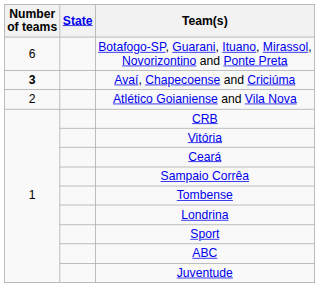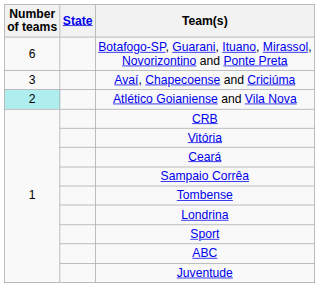 <table class="wikitable" style="text-align:center">
 <tr>
 <th>Number<br>of teams</th>
 <th><a href='#'>State</a></th>
 <th>Team(s)</th>
 </tr>
 <tr>
 <td>6</td>
 <td align=left></td>
 <td><a href='#'>Botafogo-SP</a>, <a href='#'>Guarani</a>, <a href='#'>Ituano</a>, <a href='#'>Mirassol</a>,<br><a href='#'>Novorizontino</a> and <a href='#'>Ponte Preta</a></td>
 </tr>
 <tr>
-<td><strong>3</strong></td>
+<td>3</td>
 <td align=left></td>
 <td><a href='#'>Avaí</a>, <a href='#'>Chapecoense</a> and <a href='#'>Criciúma</a></td>
 </tr>
 <tr>
-<td>2</td>
+<td style="background: paleturquoise;">2</td>
 <td align=left></td>
 <td><a href='#'>Atlético Goianiense</a> and <a href='#'>Vila Nova</a></td>
 </tr>
 <tr>
 <td rowspan=9>1</td>
 <td align=left></td>
 <td><a href='#'>CRB</a></td>
 </tr>
 <tr>
 <td align=left></td>
 <td><a href='#'>Vitória</a></td>
 </tr>
 <tr>
 <td align=left></td>
 <td><a href='#'>Ceará</a></td>
 </tr>
 <tr>
 <td align=left></td>
 <td><a href='#'>Sampaio Corrêa</a></td>
 </tr>
 <tr>
 <td align=left></td>
 <td><a href='#'>Tombense</a></td>
 </tr>
 <tr>
 <td align=left></td>
 <td><a href='#'>Londrina</a></td>
 </tr>
 <tr>
 <td align=left></td>
 <td><a href='#'>Sport</a></td>
 </tr>
 <tr>
 <td align=left></td>
 <td><a href='#'>ABC</a></td>
 </tr>
 <tr>
 <td align=left></td>
 <td><a href='#'>Juventude</a></td>
 </tr>
 </table>
